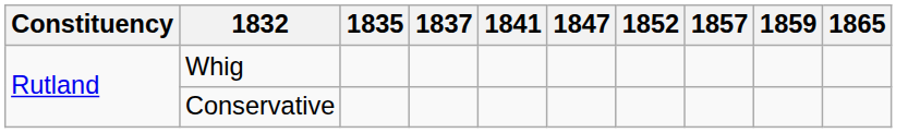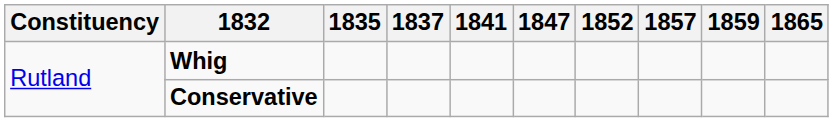 <table class=wikitable sortable>
 <tr>
 <th>Constituency</th>
 <th>1832</th>
 <th>1835</th>
 <th>1837</th>
 <th>1841</th>
 <th>1847</th>
 <th>1852</th>
 <th>1857</th>
 <th>1859</th>
 <th>1865</th>
 </tr>
 <tr>
 <td rowspan=2><a href='#'>Rutland</a></td>
-<td bgcolor=>Whig</td>
+<td bgcolor=><strong>Whig</strong></td>
 <td></td>
 <td></td>
 <td></td>
 <td></td>
 <td></td>
 <td></td>
 <td></td>
 <td></td>
 </tr>
 <tr>
-<td bgcolor=>Conservative</td>
+<td bgcolor=><strong>Conservative</strong></td>
 <td></td>
 <td></td>
 <td></td>
 <td></td>
 <td></td>
 <td></td>
 <td></td>
 <td></td>
 </tr>
 </table>
